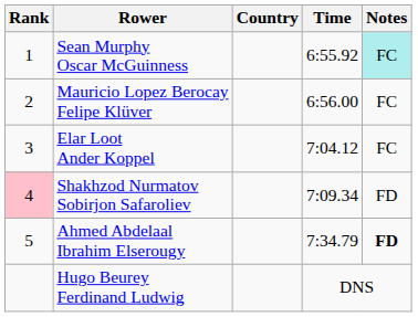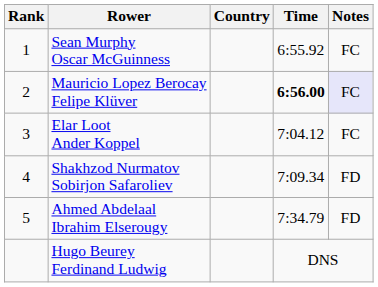 <table class="wikitable" style="text-align:center">
 <tr>
 <th>Rank</th>
 <th>Rower</th>
 <th>Country</th>
 <th>Time</th>
 <th>Notes</th>
 </tr>
 <tr>
 <td>1</td>
 <td align="left"><a href='#'>Sean Murphy</a><br><a href='#'>Oscar McGuinness</a></td>
 <td align="left"></td>
 <td>6:55.92</td>
-<td style="background: paleturquoise;">FC</td>
+<td>FC</td>
 </tr>
 <tr>
 <td>2</td>
 <td align="left"><a href='#'>Mauricio Lopez Berocay</a><br><a href='#'>Felipe Klüver</a></td>
 <td align="left"></td>
-<td>6:56.00</td>
-<td>FC</td>
+<td><strong>6:56.00</strong></td>
+<td style="background: lavender;">FC</td>
 </tr>
 <tr>
 <td>3</td>
 <td align="left"><a href='#'>Elar Loot</a><br><a href='#'>Ander Koppel</a></td>
 <td align="left"></td>
 <td>7:04.12</td>
 <td>FC</td>
 </tr>
 <tr>
-<td style="background: pink;">4</td>
+<td>4</td>
 <td align="left"><a href='#'>Shakhzod Nurmatov</a><br><a href='#'>Sobirjon Safaroliev</a></td>
 <td align="left"></td>
 <td>7:09.34</td>
 <td>FD</td>
 </tr>
 <tr>
 <td>5</td>
 <td align="left"><a href='#'>Ahmed Abdelaal</a><br><a href='#'>Ibrahim Elserougy</a></td>
 <td align="left"></td>
 <td>7:34.79</td>
-<td><strong>FD</strong></td>
+<td>FD</td>
 </tr>
 <tr>
 <td></td>
 <td align="left"><a href='#'>Hugo Beurey</a><br><a href='#'>Ferdinand Ludwig</a></td>
 <td align="left"></td>
 <td colspan=2>DNS</td>
 </tr>
 </table>
